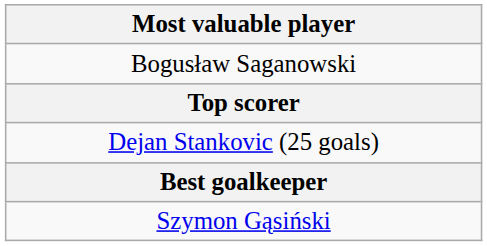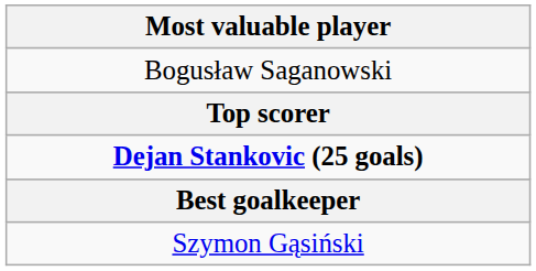 <table class="wikitable" style="margin: 1em auto 1em auto;">
 <tr>
 <th width=300>Most valuable player</th>
 </tr>
 <tr>
 <td style="text-align:center;"> Bogusław Saganowski</td>
 </tr>
 <tr>
 <th>Top scorer</th>
 </tr>
 <tr>
-<td style="text-align:center;"> <a href='#'>Dejan Stankovic</a> (25 goals)</td>
+<td style="text-align:center;"><strong> <a href='#'>Dejan Stankovic</a> (25 goals)</strong></td>
 </tr>
 <tr>
 <th>Best goalkeeper</th>
 </tr>
 <tr>
 <td style="text-align:center;"> <a href='#'>Szymon Gąsiński</a></td>
 </tr>
 </table>
